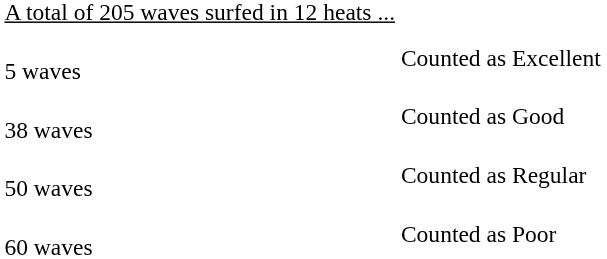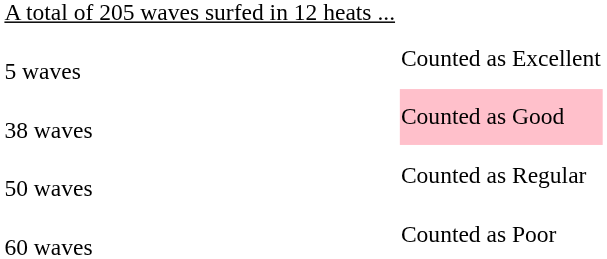 <table class="MsoNormalTable">
 <tr>
 <td><u>A total of 205 waves surfed in 12 heats ...</u></td>
 <td></td>
 </tr>
 <tr>
 <td><br>5 waves</td>
 <td>Counted as Excellent</td>
 </tr>
 <tr>
 <td><br>38 waves</td>
-<td>Counted as Good</td>
+<td style="background: pink;">Counted as Good</td>
 </tr>
 <tr>
 <td><br>50 waves</td>
 <td>Counted as Regular</td>
 </tr>
 <tr>
 <td><br>60 waves</td>
 <td>Counted as Poor</td>
 </tr>
 </table>
